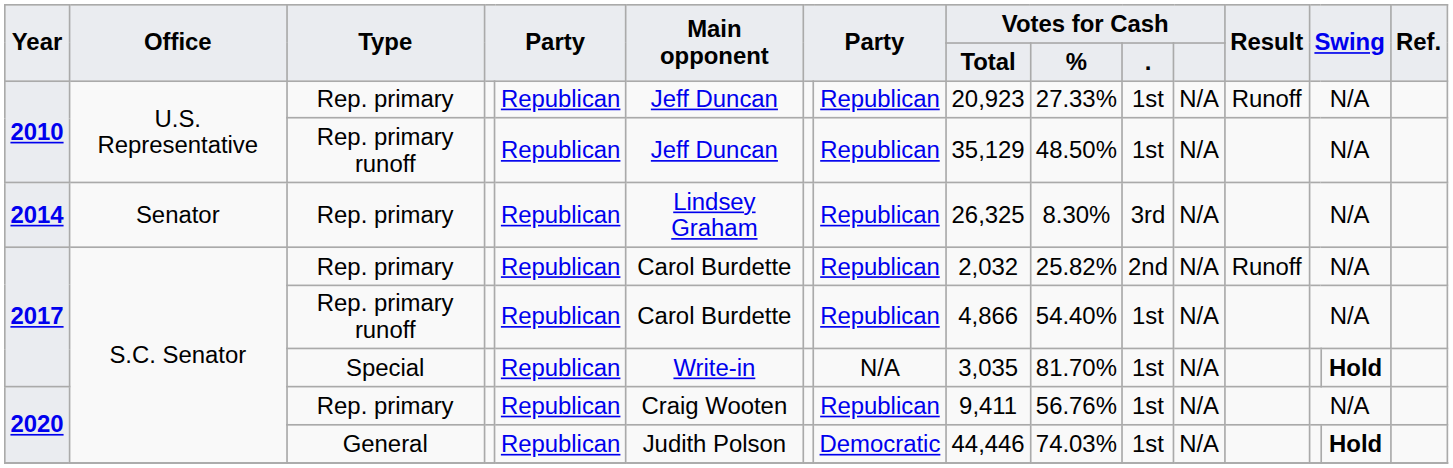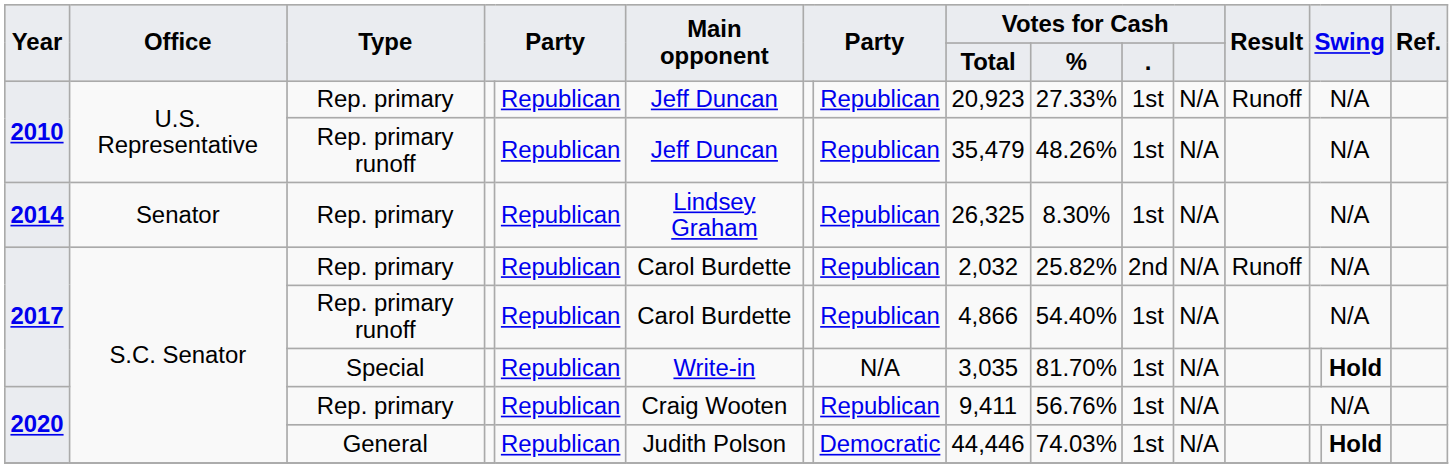 <table class="wikitable" style="font-size: 90%; text-align:center;">
 <tr>
 <th style="background-color:#EAECF0;" rowspan=2>Year</th>
 <th style="background-color:#EAECF0;" rowspan=2>Office</th>
 <th style="background-color:#EAECF0;" rowspan=2>Type</th>
 <th style="background-color:#EAECF0;" colspan=2 rowspan=2>Party</th>
 <th style="background-color:#EAECF0;" rowspan=2>Main opponent</th>
 <th style="background-color:#EAECF0;" colspan=2 rowspan=2>Party</th>
 <th style="background-color:#EAECF0;" colspan=4>Votes for Cash</th>
 <th style="background-color:#EAECF0;" rowspan=2>Result</th>
 <th style="background-color:#EAECF0;" colspan=2 rowspan=2><a href='#'>Swing</a></th>
 <th style="background-color:#EAECF0;" colspan=2 rowspan=2>Ref.</th>
 </tr>
 <tr>
 <th style="background-color:#EAECF0;">Total</th>
 <th style="background-color:#EAECF0;">%</th>
 <th style="background-color:#EAECF0;">.</th>
 <th style="background-color:#EAECF0;"></th>
 </tr>
 <tr>
 <th rowspan=2 style="background-color:#EAECF0;"><a href='#'>2010</a></th>
 <td rowspan=2>U.S. Representative</td>
 <td>Rep. primary</td>
 <td style="background-color:"></td>
 <td><a href='#'>Republican</a></td>
 <td><a href='#'>Jeff Duncan</a></td>
 <td style="background-color:"></td>
 <td><a href='#'>Republican</a></td>
 <td>20,923</td>
 <td>27.33%</td>
 <td>1st</td>
 <td>N/A</td>
 <td>Runoff</td>
 <td colspan=2>N/A</td>
 <td></td>
 </tr>
 <tr>
 <td>Rep. primary runoff</td>
 <td style="background-color:"></td>
 <td><a href='#'>Republican</a></td>
 <td><a href='#'>Jeff Duncan</a></td>
 <td style="background-color:"></td>
 <td><a href='#'>Republican</a></td>
-<td>35,129</td>
-<td>48.50%</td>
+<td>35,479</td>
+<td>48.26%</td>
 <td>1st</td>
 <td>N/A</td>
 <td></td>
 <td colspan=2>N/A</td>
 <td></td>
 </tr>
 <tr>
 <th style="background-color:#EAECF0;"><a href='#'>2014</a></th>
 <td>Senator</td>
 <td>Rep. primary</td>
 <td style="background-color:"></td>
 <td><a href='#'>Republican</a></td>
 <td><a href='#'>Lindsey Graham</a></td>
 <td style="background-color:"></td>
 <td><a href='#'>Republican</a></td>
 <td>26,325</td>
 <td>8.30%</td>
-<td>3rd</td>
+<td>1st</td>
 <td>N/A</td>
 <td></td>
 <td colspan=2>N/A</td>
 <td></td>
 </tr>
 <tr>
 <th rowspan=3 style="background-color:#EAECF0;"><a href='#'>2017</a></th>
 <td rowspan=5>S.C. Senator</td>
 <td>Rep. primary</td>
 <td style="background-color:"></td>
 <td><a href='#'>Republican</a></td>
 <td>Carol Burdette</td>
 <td style="background-color:"></td>
 <td><a href='#'>Republican</a></td>
 <td>2,032</td>
 <td>25.82%</td>
 <td>2nd</td>
 <td>N/A</td>
 <td>Runoff</td>
 <td colspan=2>N/A</td>
 <td></td>
 </tr>
 <tr>
 <td>Rep. primary runoff</td>
 <td style="background-color:"></td>
 <td><a href='#'>Republican</a></td>
 <td>Carol Burdette</td>
 <td style="background-color:"></td>
 <td><a href='#'>Republican</a></td>
 <td>4,866</td>
 <td>54.40%</td>
 <td>1st</td>
 <td>N/A</td>
 <td></td>
 <td colspan=2>N/A</td>
 <td></td>
 </tr>
 <tr>
 <td>Special</td>
 <td style="background-color:"></td>
 <td><a href='#'>Republican</a></td>
 <td><a href='#'>Write-in</a></td>
 <td></td>
 <td>N/A</td>
 <td>3,035</td>
 <td>81.70%</td>
 <td>1st</td>
 <td>N/A</td>
 <td></td>
 <td style="background-color:"></td>
 <td><strong>Hold</strong></td>
 <td></td>
 </tr>
 <tr>
 <th rowspan=2 style="background-color:#EAECF0;"><a href='#'>2020</a></th>
 <td>Rep. primary</td>
 <td style="background-color:"></td>
 <td><a href='#'>Republican</a></td>
 <td>Craig Wooten</td>
 <td style="background-color:"></td>
 <td><a href='#'>Republican</a></td>
 <td>9,411</td>
 <td>56.76%</td>
 <td>1st</td>
 <td>N/A</td>
 <td></td>
 <td colspan=2>N/A</td>
 <td></td>
 </tr>
 <tr>
 <td>General</td>
 <td style="background-color:"></td>
 <td><a href='#'>Republican</a></td>
 <td>Judith Polson</td>
 <td style="background-color:"></td>
 <td><a href='#'>Democratic</a></td>
 <td>44,446</td>
 <td>74.03%</td>
 <td>1st</td>
 <td>N/A</td>
 <td></td>
 <td style="background-color:"></td>
 <td><strong>Hold</strong></td>
 <td></td>
 </tr>
 <tr>
 </tr>
 </table>
